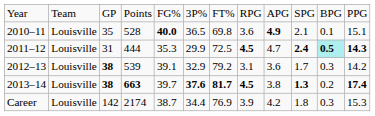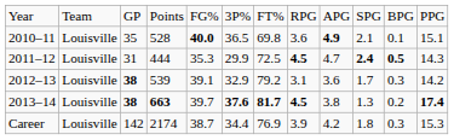 <table class="wikitable">
 <tr>
 <td>Year</td>
 <td>Team</td>
 <td>GP</td>
 <td>Points</td>
 <td>FG%</td>
 <td>3P%</td>
 <td>FT%</td>
 <td>RPG</td>
 <td>APG</td>
 <td>SPG</td>
 <td>BPG</td>
 <td>PPG</td>
 </tr>
 <tr>
 <td>2010–11</td>
 <td>Louisville</td>
 <td>35</td>
 <td>528</td>
 <td><strong>40.0</strong></td>
 <td>36.5</td>
 <td>69.8</td>
 <td>3.6</td>
 <td><strong>4.9</strong></td>
 <td>2.1</td>
 <td>0.1</td>
 <td>15.1</td>
 </tr>
 <tr>
 <td>2011–12</td>
 <td>Louisville</td>
 <td>31</td>
 <td>444</td>
 <td>35.3</td>
 <td>29.9</td>
 <td>72.5</td>
 <td><strong>4.5</strong></td>
 <td>4.7</td>
 <td><strong>2.4</strong></td>
-<td style="background: paleturquoise;"><strong>0.5</strong></td>
-<td><strong>14.3</strong></td>
+<td><strong>0.5</strong></td>
+<td>14.3</td>
 </tr>
 <tr>
 <td>2012–13</td>
 <td>Louisville</td>
 <td><strong>38</strong></td>
 <td>539</td>
 <td>39.1</td>
 <td>32.9</td>
 <td>79.2</td>
 <td>3.1</td>
 <td>3.6</td>
 <td>1.7</td>
 <td>0.3</td>
 <td>14.2</td>
 </tr>
 <tr>
 <td>2013–14</td>
 <td>Louisville</td>
 <td><strong>38</strong></td>
 <td><strong>663</strong></td>
 <td>39.7</td>
 <td><strong>37.6</strong></td>
 <td><strong>81.7</strong></td>
 <td><strong>4.5</strong></td>
 <td>3.8</td>
-<td><strong>1.3</strong></td>
+<td>1.3</td>
 <td>0.2</td>
 <td><strong>17.4</strong></td>
 </tr>
 <tr>
 <td>Career</td>
 <td>Louisville</td>
 <td>142</td>
 <td>2174</td>
 <td>38.7</td>
 <td>34.4</td>
 <td>76.9</td>
 <td>3.9</td>
 <td>4.2</td>
 <td>1.8</td>
 <td>0.3</td>
 <td>15.3</td>
 </tr>
 </table>
